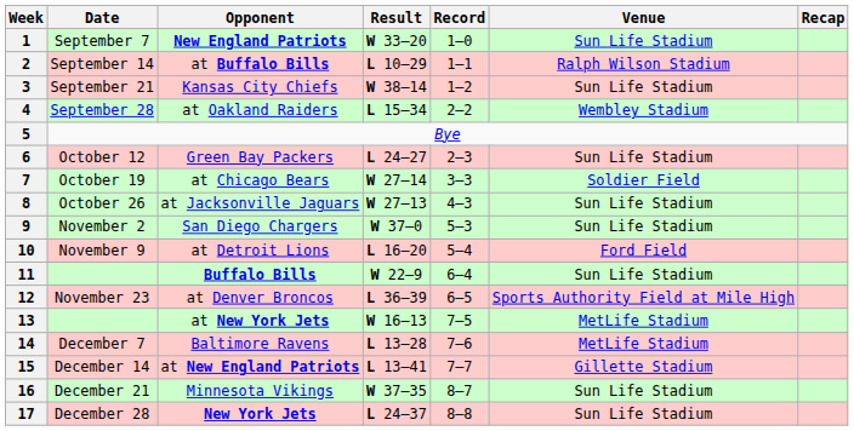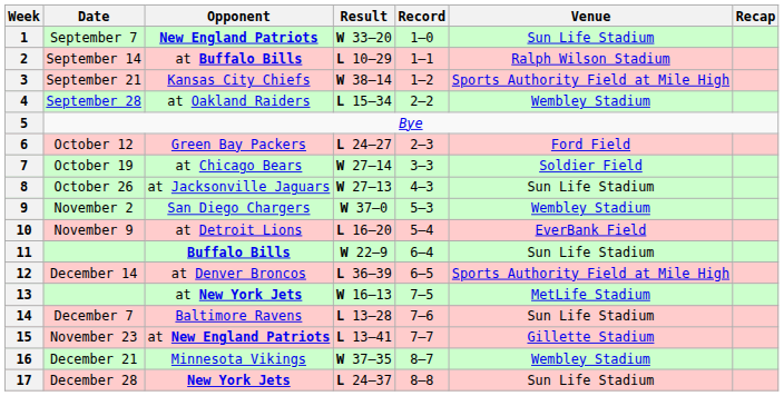 <table class="wikitable" style="text-align:center">
 <tr>
 <th>Week</th>
 <th>Date</th>
 <th>Opponent</th>
 <th>Result</th>
 <th>Record</th>
 <th>Venue</th>
 <th>Recap</th>
 </tr>
 <tr style="background:#cfc">
 <th>1</th>
 <td>September 7</td>
 <td><strong><a href='#'>New England Patriots</a></strong></td>
 <td><strong>W</strong> 33–20</td>
 <td>1–0</td>
 <td><a href='#'>Sun Life Stadium</a></td>
 <td></td>
 </tr>
 <tr style="background:#fcc">
 <th>2</th>
 <td>September 14</td>
 <td>at <strong><a href='#'>Buffalo Bills</a></strong></td>
 <td><strong>L</strong> 10–29</td>
 <td>1–1</td>
 <td><a href='#'>Ralph Wilson Stadium</a></td>
 <td></td>
 </tr>
 <tr style="background:#fcc">
 <th>3</th>
 <td>September 21</td>
 <td><a href='#'>Kansas City Chiefs</a></td>
 <td><strong>W</strong> 38–14</td>
 <td>1–2</td>
-<td>Sun Life Stadium</td>
+<td><a href='#'>Sports Authority Field at Mile High</a></td>
 <td></td>
 </tr>
 <tr style="background:#cfc">
 <th>4</th>
 <td><a href='#'>September 28</a></td>
 <td>at <a href='#'>Oakland Raiders</a></td>
 <td><strong>L</strong> 15–34</td>
 <td>2–2</td>
 <td> <a href='#'>Wembley Stadium</a> </td>
 <td></td>
 </tr>
 <tr>
 <th>5</th>
 <td colspan="6"><em><a href='#'>Bye</a></em></td>
 </tr>
 <tr style="background:#fcc">
 <th>6</th>
 <td>October 12</td>
 <td><a href='#'>Green Bay Packers</a></td>
 <td><strong>L</strong> 24–27</td>
 <td>2–3</td>
-<td>Sun Life Stadium</td>
+<td><a href='#'>Ford Field</a></td>
 <td></td>
 </tr>
 <tr style="background:#cfc">
 <th>7</th>
 <td>October 19</td>
 <td>at <a href='#'>Chicago Bears</a></td>
 <td><strong>W</strong> 27–14</td>
 <td>3–3</td>
 <td><a href='#'>Soldier Field</a></td>
 <td></td>
 </tr>
 <tr style="background:#cfc">
 <th>8</th>
 <td>October 26</td>
 <td>at <a href='#'>Jacksonville Jaguars</a></td>
 <td><strong>W</strong> 27–13</td>
 <td>4–3</td>
 <td>Sun Life Stadium</td>
 <td></td>
 </tr>
 <tr style="background:#cfc">
 <th>9</th>
 <td>November 2</td>
 <td><a href='#'>San Diego Chargers</a></td>
 <td><strong>W</strong> 37–0</td>
 <td>5–3</td>
-<td>Sun Life Stadium</td>
+<td> <a href='#'>Wembley Stadium</a> </td>
 <td></td>
 </tr>
 <tr style="background:#fcc">
 <th>10</th>
 <td>November 9</td>
 <td>at <a href='#'>Detroit Lions</a></td>
 <td><strong>L</strong> 16–20</td>
 <td>5–4</td>
-<td><a href='#'>Ford Field</a></td>
+<td><a href='#'>EverBank Field</a></td>
 <td></td>
 </tr>
 <tr style="background:#cfc">
 <th>11</th>
 <td></td>
 <td><strong><a href='#'>Buffalo Bills</a></strong></td>
 <td><strong>W</strong> 22–9</td>
 <td>6–4</td>
 <td>Sun Life Stadium</td>
 <td></td>
 </tr>
 <tr style="background:#fcc">
 <th>12</th>
-<td>November 23</td>
+<td>December 14</td>
 <td>at <a href='#'>Denver Broncos</a></td>
 <td><strong>L</strong> 36–39</td>
 <td>6–5</td>
 <td><a href='#'>Sports Authority Field at Mile High</a></td>
 <td></td>
 </tr>
 <tr style="background:#cfc">
 <th>13</th>
 <td></td>
 <td>at <strong><a href='#'>New York Jets</a></strong></td>
 <td><strong>W</strong> 16–13</td>
 <td>7–5</td>
 <td><a href='#'>MetLife Stadium</a></td>
 <td></td>
 </tr>
 <tr style="background:#fcc">
 <th>14</th>
 <td>December 7</td>
 <td><a href='#'>Baltimore Ravens</a></td>
 <td><strong>L</strong> 13–28</td>
 <td>7–6</td>
-<td><a href='#'>MetLife Stadium</a></td>
+<td>Sun Life Stadium</td>
 <td></td>
 </tr>
 <tr style="background:#fcc">
 <th>15</th>
-<td>December 14</td>
+<td>November 23</td>
 <td>at <strong><a href='#'>New England Patriots</a></strong></td>
 <td><strong>L</strong> 13–41</td>
 <td>7–7</td>
 <td><a href='#'>Gillette Stadium</a></td>
 <td></td>
 </tr>
 <tr style="background:#cfc">
 <th>16</th>
 <td>December 21</td>
 <td><a href='#'>Minnesota Vikings</a></td>
 <td><strong>W</strong> 37–35</td>
 <td>8–7</td>
-<td>Sun Life Stadium</td>
+<td> <a href='#'>Wembley Stadium</a> </td>
 <td></td>
 </tr>
 <tr style="background:#fcc">
 <th>17</th>
 <td>December 28</td>
 <td><strong><a href='#'>New York Jets</a></strong></td>
 <td><strong>L</strong> 24–37</td>
 <td>8–8</td>
 <td>Sun Life Stadium</td>
 <td></td>
 </tr>
 </table>
